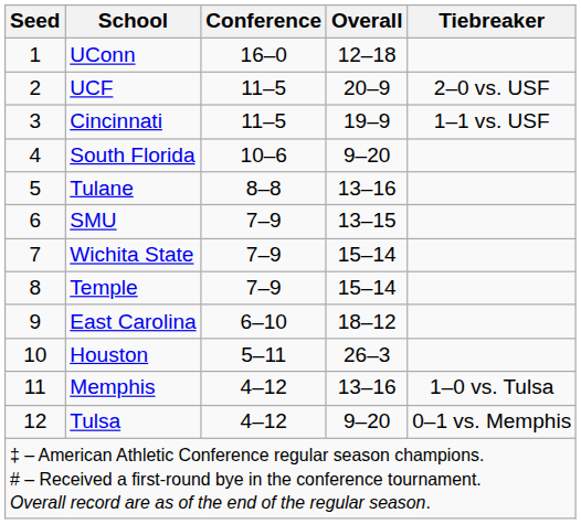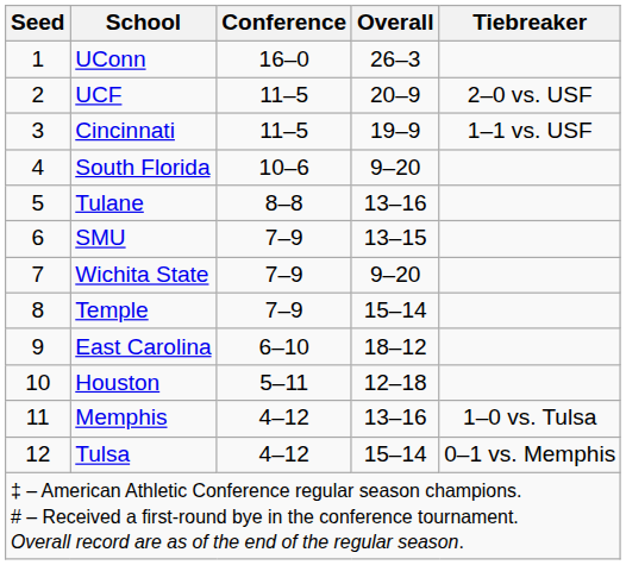 <table class="wikitable" style="text-align:center">
 <tr>
 <th>Seed</th>
 <th>School</th>
 <th>Conference</th>
 <th>Overall</th>
 <th>Tiebreaker</th>
 </tr>
 <tr>
 <td>1</td>
 <td align=left><a href='#'>UConn</a></td>
 <td>16–0</td>
-<td>12–18</td>
+<td>26–3</td>
 <td></td>
 </tr>
 <tr>
 <td>2</td>
 <td align=left><a href='#'>UCF</a></td>
 <td>11–5</td>
 <td>20–9</td>
 <td>2–0 vs. USF</td>
 </tr>
 <tr>
 <td>3</td>
 <td align=left><a href='#'>Cincinnati</a></td>
 <td>11–5</td>
 <td>19–9</td>
 <td>1–1 vs. USF</td>
 </tr>
 <tr>
 <td>4</td>
 <td align=left><a href='#'>South Florida</a></td>
 <td>10–6</td>
 <td>9–20</td>
 <td></td>
 </tr>
 <tr>
 <td>5</td>
 <td align=left><a href='#'>Tulane</a></td>
 <td>8–8</td>
 <td>13–16</td>
 <td></td>
 </tr>
 <tr>
 <td>6</td>
 <td align=left><a href='#'>SMU</a></td>
 <td>7–9</td>
 <td>13–15</td>
 <td></td>
 </tr>
 <tr>
 <td>7</td>
 <td align=left><a href='#'>Wichita State</a></td>
 <td>7–9</td>
-<td>15–14</td>
+<td>9–20</td>
 <td></td>
 </tr>
 <tr>
 <td>8</td>
 <td align=left><a href='#'>Temple</a></td>
 <td>7–9</td>
 <td>15–14</td>
 <td></td>
 </tr>
 <tr>
 <td>9</td>
 <td align=left><a href='#'>East Carolina</a></td>
 <td>6–10</td>
 <td>18–12</td>
 <td></td>
 </tr>
 <tr>
 <td>10</td>
 <td align=left><a href='#'>Houston</a></td>
 <td>5–11</td>
-<td>26–3</td>
+<td>12–18</td>
 <td></td>
 </tr>
 <tr>
 <td>11</td>
 <td align=left><a href='#'>Memphis</a></td>
 <td>4–12</td>
 <td>13–16</td>
 <td>1–0 vs. Tulsa</td>
 </tr>
 <tr>
 <td>12</td>
 <td align=left><a href='#'>Tulsa</a></td>
 <td>4–12</td>
-<td>9–20</td>
+<td>15–14</td>
 <td>0–1 vs. Memphis</td>
 </tr>
 <tr>
 <td colspan="6" style="text-align:left;"><small>‡ – American Athletic Conference regular season champions.<br># – Received a first-round bye in the conference tournament. <br><em>Overall record are as of the end of the regular season</em>.</small></td>
 </tr>
 </table>
